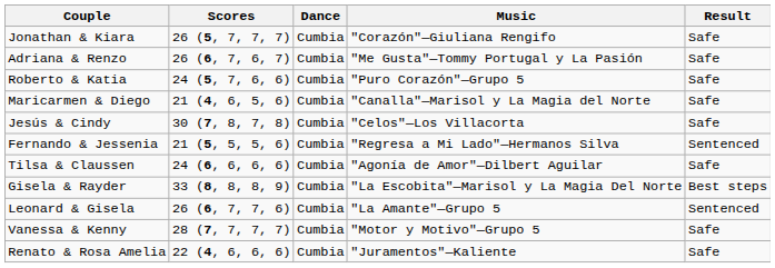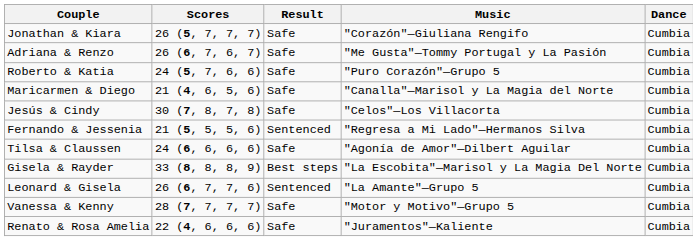 <table class="wikitable sortable" style="width:95%; white-space:nowrap;">
 <tr>
 <th style="width:15%;">Couple</th>
 <th style="width:14%;">Scores</th>
+<th style="width:12%;">Result</th>
+<th style="width:40%;">Music</th>
 <th style="width:14%;">Dance</th>
-<th style="width:40%;">Music</th>
-<th style="width:12%;">Result</th>
 </tr>
 <tr>
 <td>Jonathan & Kiara</td>
 <td>26 (<strong>5</strong>, 7, 7, 7)</td>
+<td>Safe</td>
+<td>"Corazón"—Giuliana Rengifo</td>
 <td>Cumbia</td>
-<td>"Corazón"—Giuliana Rengifo</td>
-<td>Safe</td>
 </tr>
 <tr>
 <td>Adriana & Renzo</td>
 <td>26 (<strong>6</strong>, 7, 6, 7)</td>
+<td>Safe</td>
+<td>"Me Gusta"—Tommy Portugal y La Pasión</td>
 <td>Cumbia</td>
-<td>"Me Gusta"—Tommy Portugal y La Pasión</td>
-<td>Safe</td>
 </tr>
 <tr>
 <td>Roberto & Katia</td>
 <td>24 (<strong>5</strong>, 7, 6, 6)</td>
+<td>Safe</td>
+<td>"Puro Corazón"—Grupo 5</td>
 <td>Cumbia</td>
-<td>"Puro Corazón"—Grupo 5</td>
-<td>Safe</td>
 </tr>
 <tr>
 <td>Maricarmen & Diego</td>
 <td>21 (<strong>4</strong>, 6, 5, 6)</td>
+<td>Safe</td>
+<td>"Canalla"—Marisol y La Magia del Norte</td>
 <td>Cumbia</td>
-<td>"Canalla"—Marisol y La Magia del Norte</td>
-<td>Safe</td>
 </tr>
 <tr>
 <td>Jesús & Cindy</td>
 <td>30 (<strong>7</strong>, 8, 7, 8)</td>
+<td>Safe</td>
+<td>"Celos"—Los Villacorta</td>
 <td>Cumbia</td>
-<td>"Celos"—Los Villacorta</td>
-<td>Safe</td>
 </tr>
 <tr>
 <td>Fernando & Jessenia</td>
 <td>21 (<strong>5</strong>, 5, 5, 6)</td>
+<td>Sentenced</td>
+<td>"Regresa a Mi Lado"—Hermanos Silva</td>
 <td>Cumbia</td>
-<td>"Regresa a Mi Lado"—Hermanos Silva</td>
-<td>Sentenced</td>
 </tr>
 <tr>
 <td>Tilsa & Claussen</td>
 <td>24 (<strong>6</strong>, 6, 6, 6)</td>
+<td>Safe</td>
+<td>"Agonía de Amor"—Dilbert Aguilar</td>
 <td>Cumbia</td>
-<td>"Agonía de Amor"—Dilbert Aguilar</td>
-<td>Safe</td>
 </tr>
 <tr>
 <td>Gisela & Rayder</td>
 <td>33 (<strong>8</strong>, 8, 8, 9)</td>
+<td>Best steps</td>
+<td>"La Escobita"—Marisol y La Magia Del Norte</td>
 <td>Cumbia</td>
-<td>"La Escobita"—Marisol y La Magia Del Norte</td>
-<td>Best steps</td>
 </tr>
 <tr>
 <td>Leonard & Gisela</td>
 <td>26 (<strong>6</strong>, 7, 7, 6)</td>
+<td>Sentenced</td>
+<td>"La Amante"—Grupo 5</td>
 <td>Cumbia</td>
-<td>"La Amante"—Grupo 5</td>
-<td>Sentenced</td>
 </tr>
 <tr>
 <td>Vanessa & Kenny</td>
 <td>28 (<strong>7</strong>, 7, 7, 7)</td>
+<td>Safe</td>
+<td>"Motor y Motivo"—Grupo 5</td>
 <td>Cumbia</td>
-<td>"Motor y Motivo"—Grupo 5</td>
-<td>Safe</td>
 </tr>
 <tr>
 <td>Renato & Rosa Amelia</td>
 <td>22 (<strong>4</strong>, 6, 6, 6)</td>
+<td>Safe</td>
+<td>"Juramentos"—Kaliente</td>
 <td>Cumbia</td>
-<td>"Juramentos"—Kaliente</td>
-<td>Safe</td>
 </tr>
 </table>
